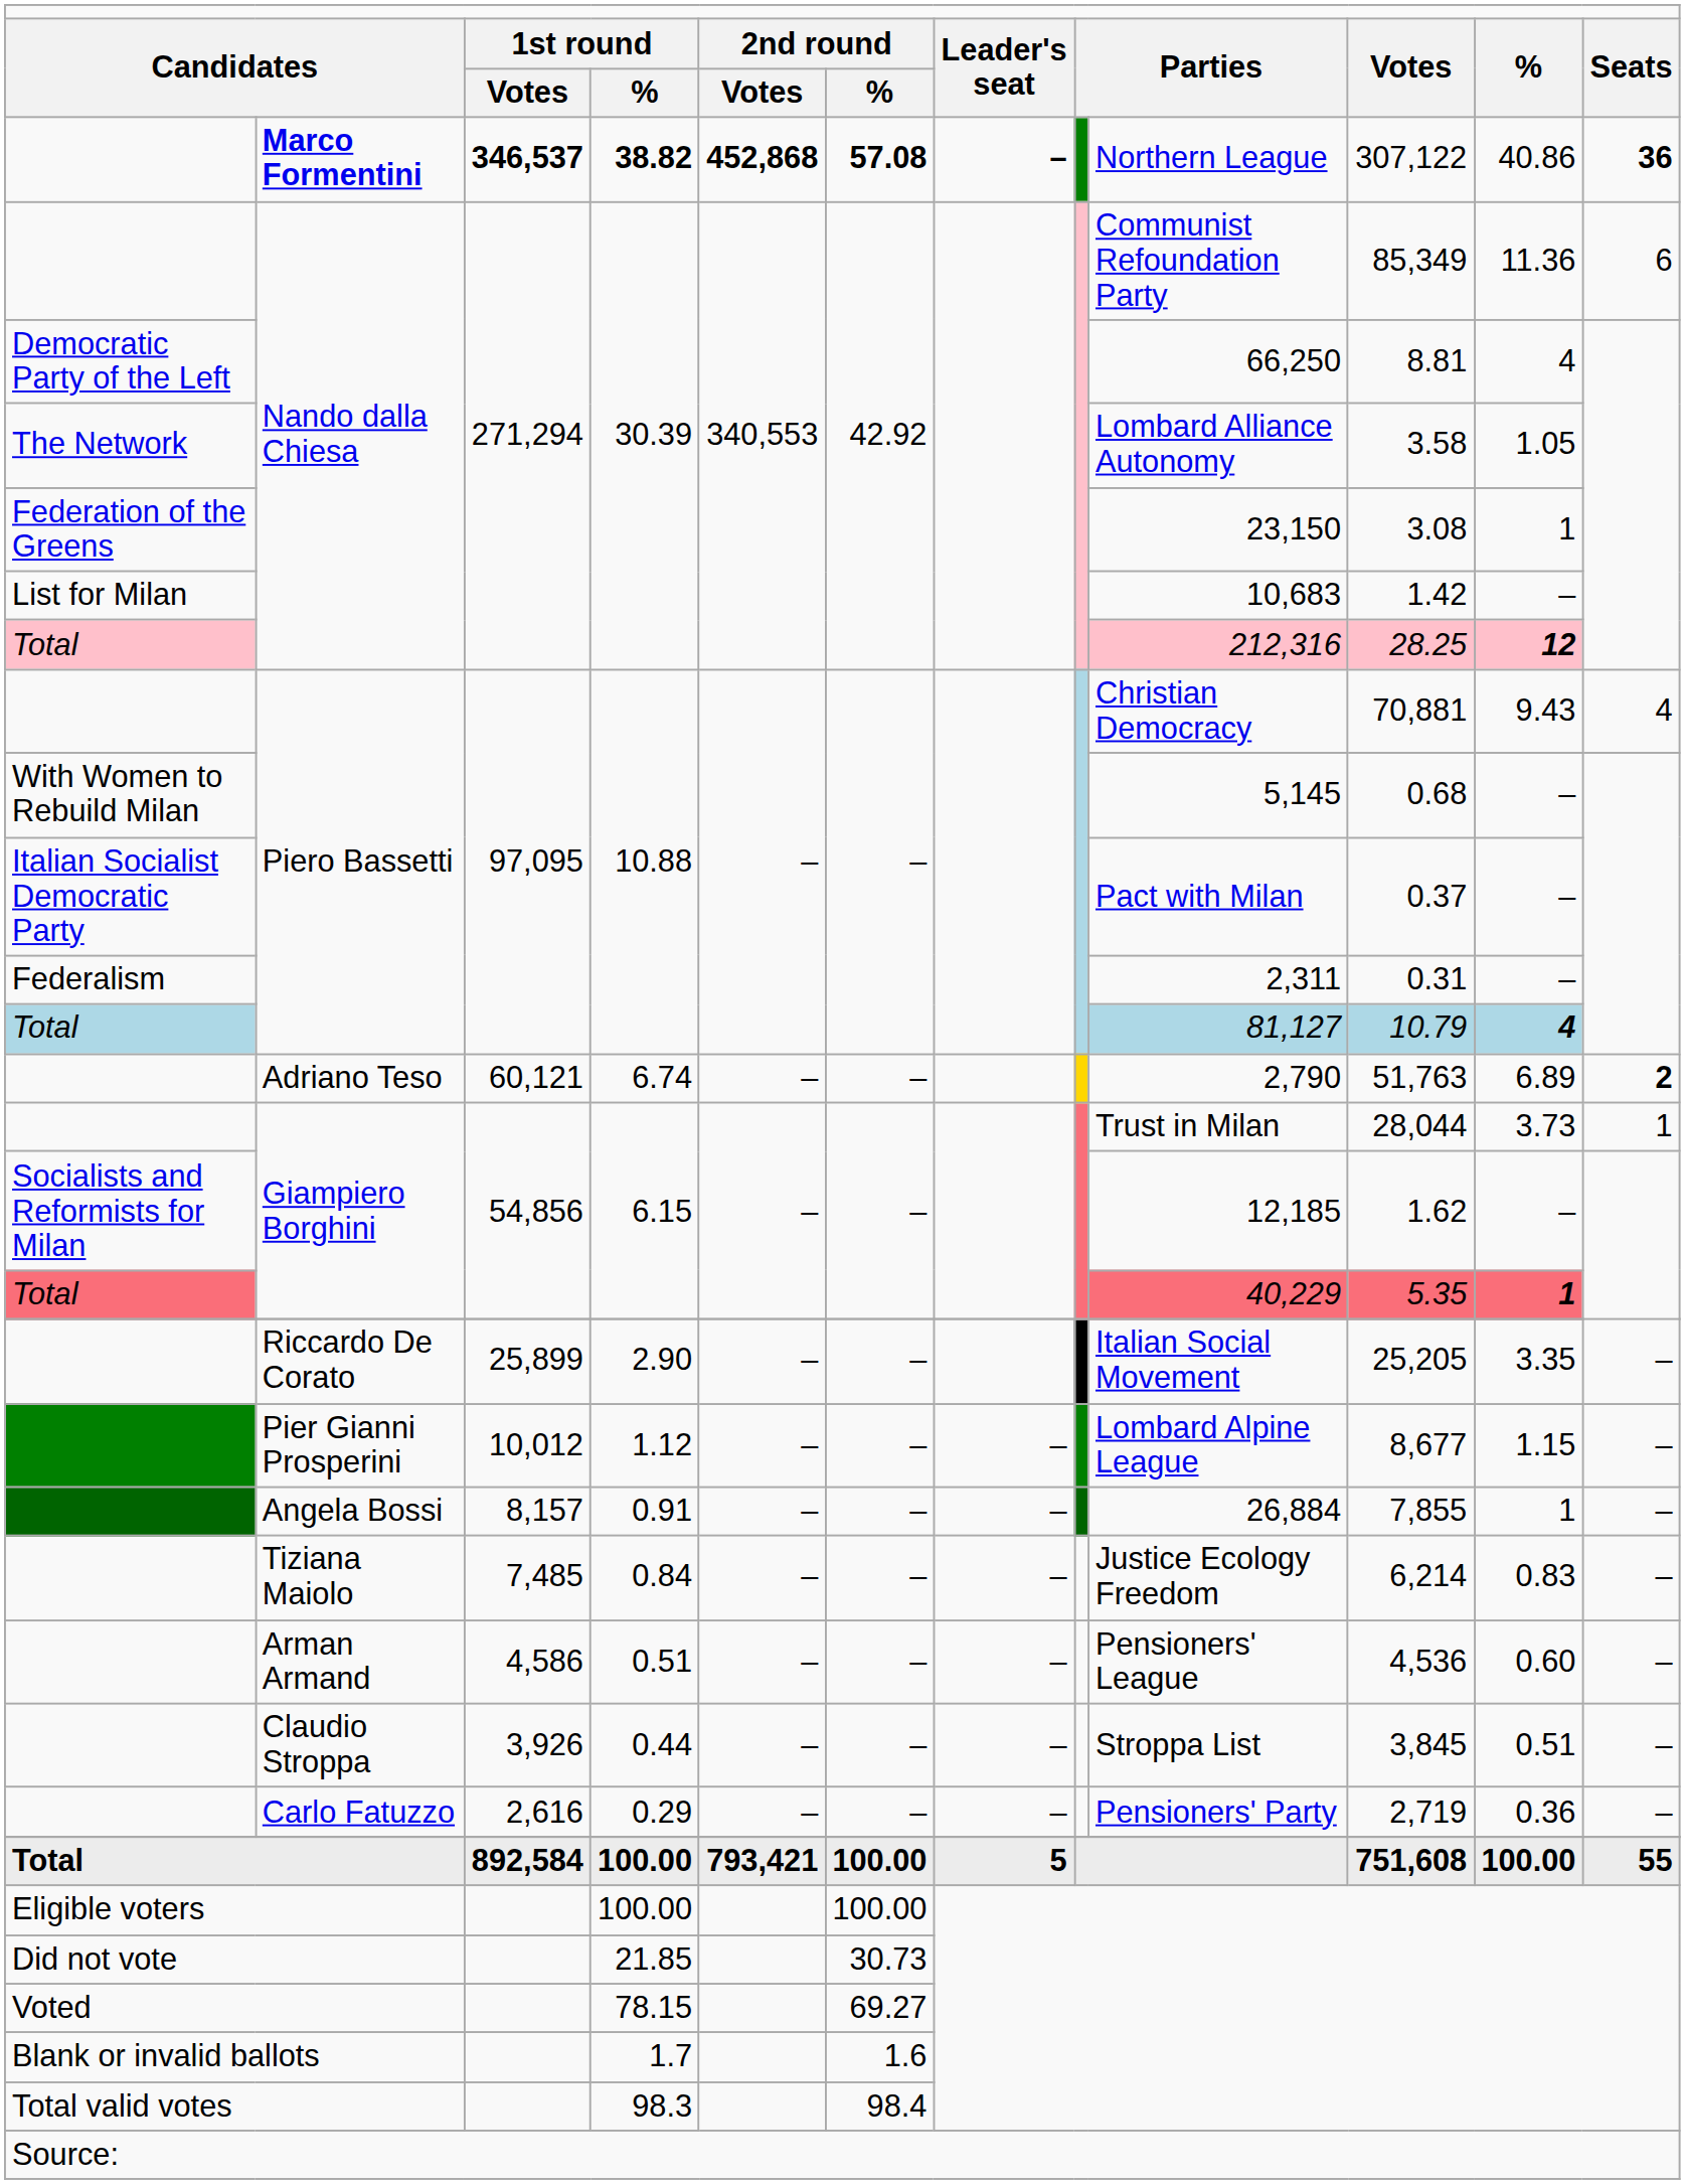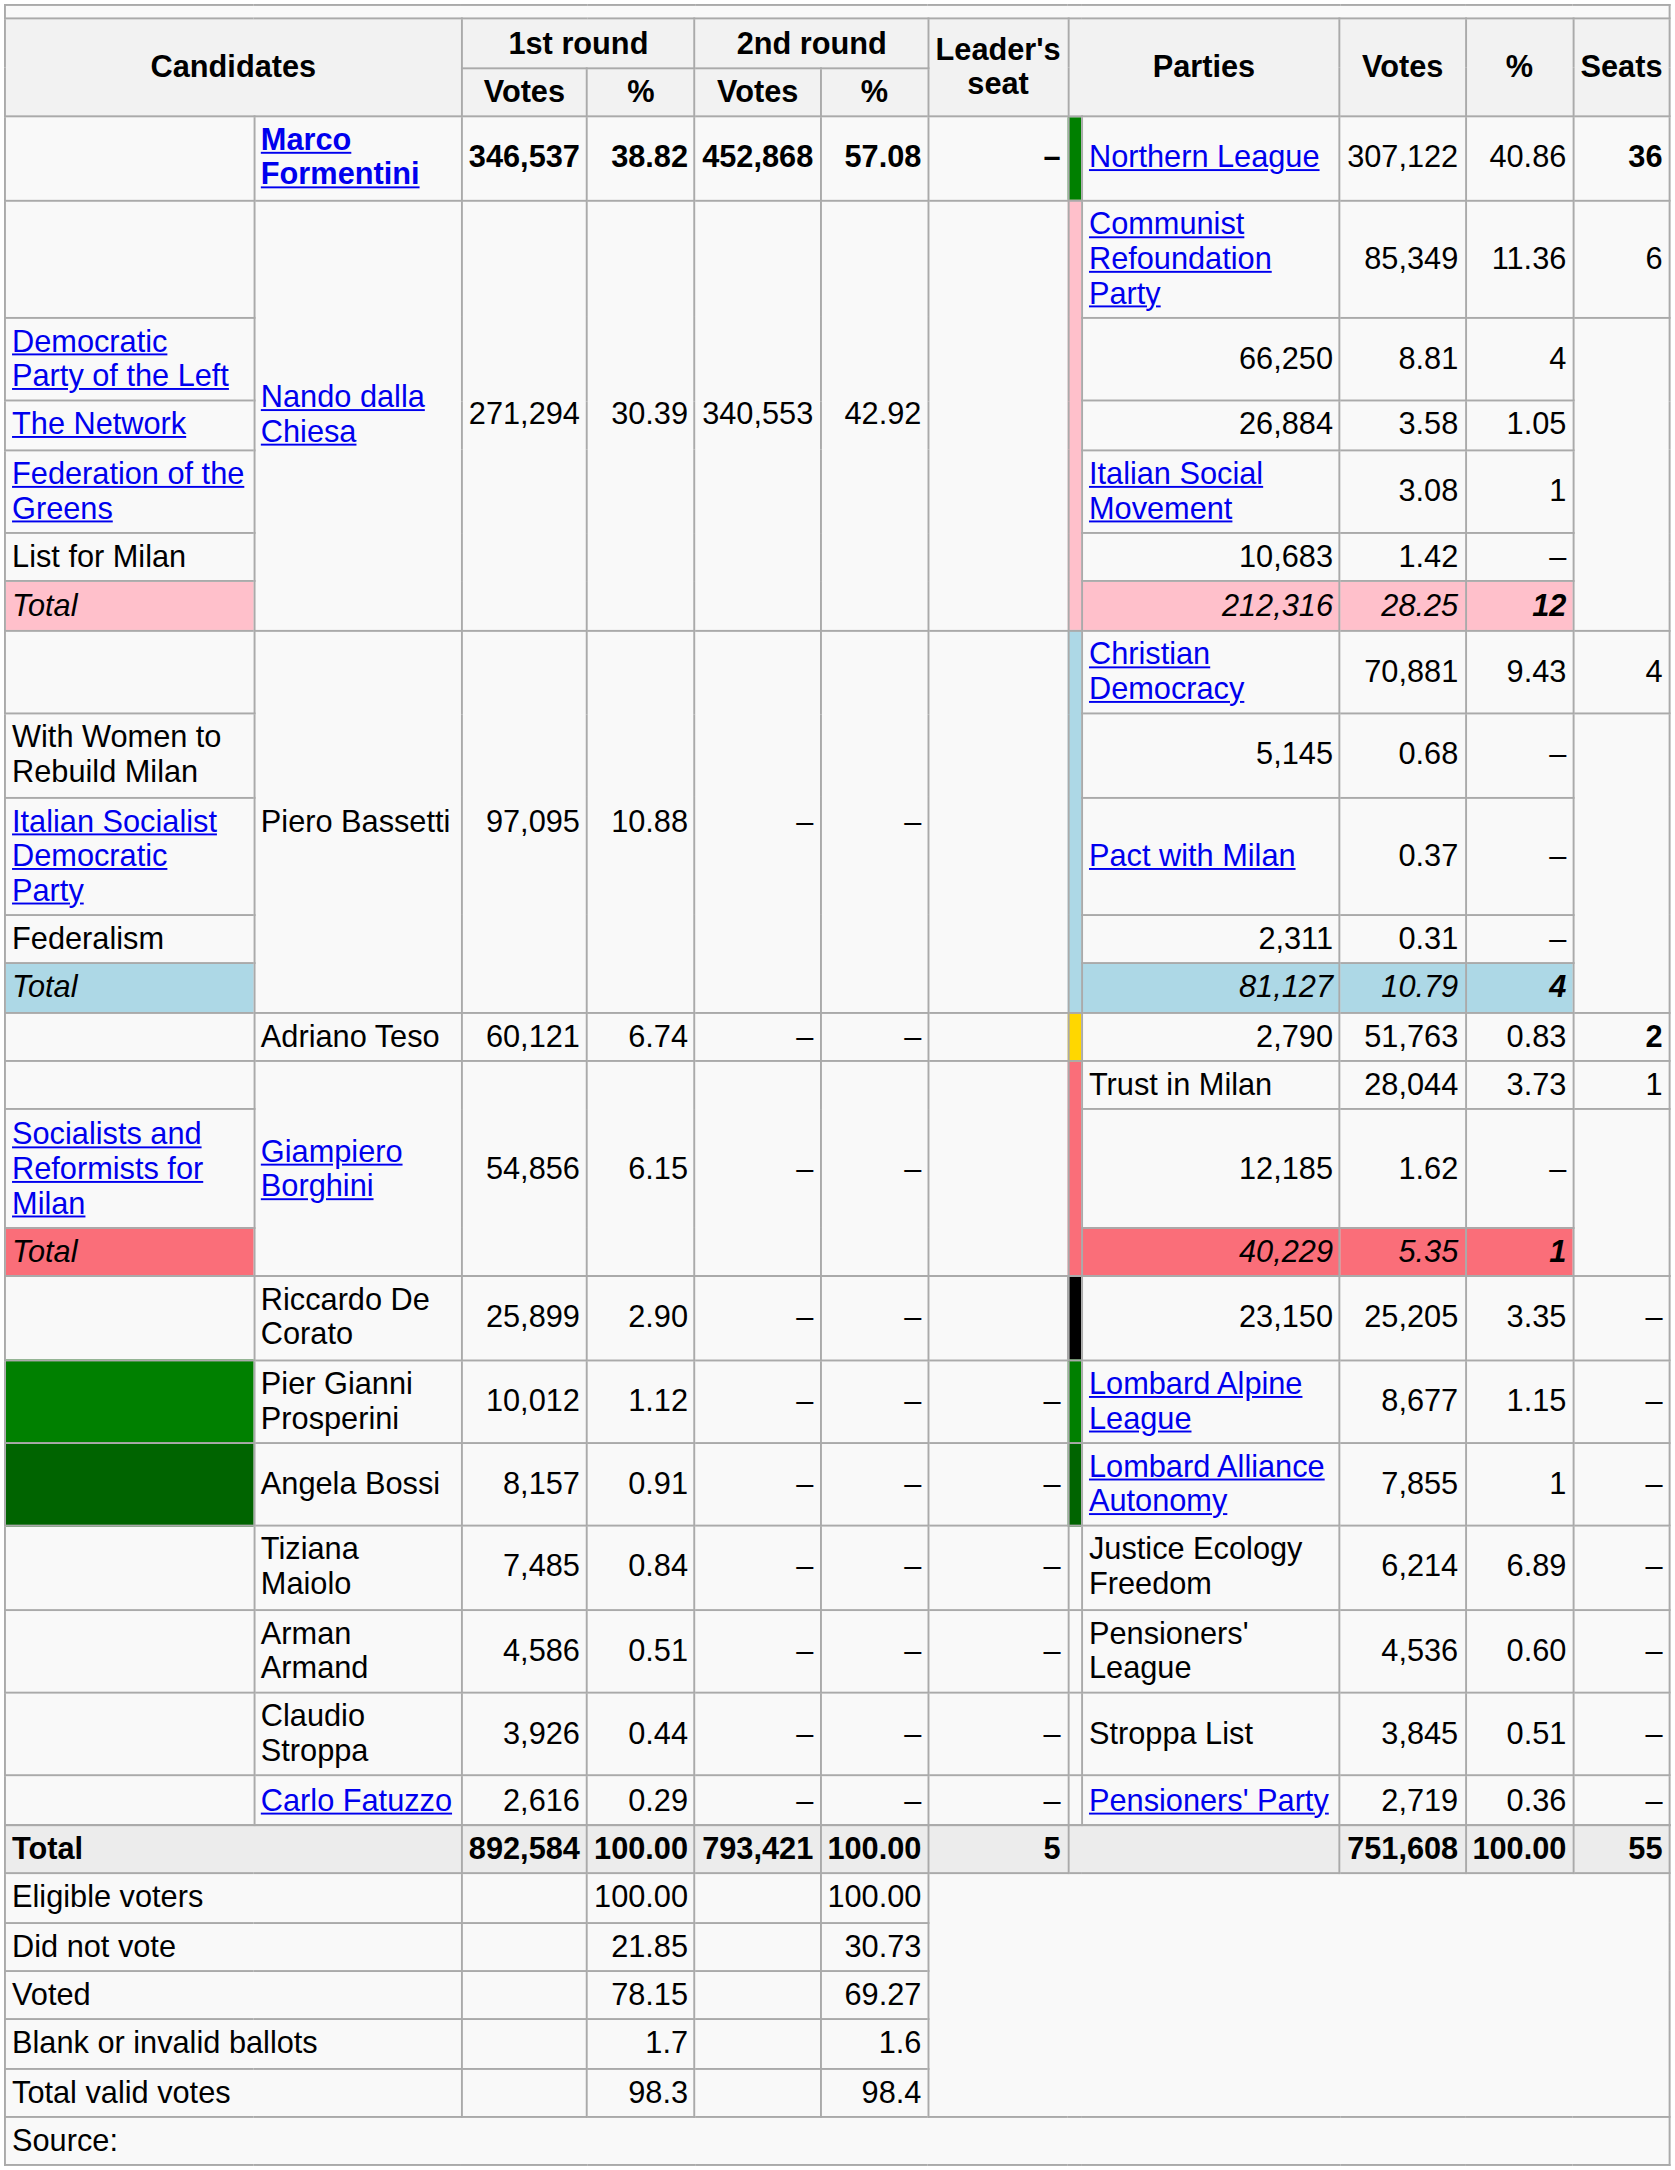 <table class="wikitable" style="text-align:left">
 <tr>
 <td colspan="12"></td>
 </tr>
 <tr>
 <th rowspan=2 colspan="2">Candidates</th>
 <th colspan=2>1st round</th>
 <th colspan=2>2nd round</th>
 <th rowspan=2>Leader's<br>seat</th>
 <th rowspan=2 colspan=2>Parties</th>
 <th rowspan=2>Votes</th>
 <th rowspan=2>%</th>
 <th rowspan=2>Seats</th>
 </tr>
 <tr>
 <th>Votes</th>
 <th>%</th>
 <th>Votes</th>
 <th>%</th>
 </tr>
 <tr>
 <td></td>
 <td><strong><a href='#'>Marco Formentini</a></strong></td>
 <td align=right><strong>346,537</strong></td>
 <td align=right><strong>38.82</strong></td>
 <td align=right><strong>452,868</strong></td>
 <td align=right><strong>57.08</strong></td>
 <td align=right><strong>–</strong></td>
 <td bgcolor="green"></td>
 <td><a href='#'>Northern League</a></td>
 <td align=right>307,122</td>
 <td align=right>40.86</td>
 <td align=right><strong>36</strong></td>
 </tr>
 <tr>
 <td></td>
 <td rowspan=6><a href='#'>Nando dalla Chiesa</a></td>
 <td rowspan=6 align=right>271,294</td>
 <td rowspan=6 align=right>30.39</td>
 <td rowspan=6 align=right>340,553</td>
 <td rowspan=6 align=right>42.92</td>
 <td rowspan=6 align=right></td>
 <td rowspan=6 bgcolor="pink"></td>
 <td><a href='#'>Communist Refoundation Party</a></td>
 <td align=right>85,349</td>
 <td align=right>11.36</td>
 <td align=right>6</td>
 </tr>
 <tr>
 <td><a href='#'>Democratic Party of the Left</a></td>
 <td align=right>66,250</td>
 <td align=right>8.81</td>
 <td align=right>4</td>
 </tr>
 <tr>
 <td><a href='#'>The Network</a></td>
-<td><a href='#'>Lombard Alliance Autonomy</a></td>
+<td align=right>26,884</td>
 <td align=right>3.58</td>
 <td align=right>1.05</td>
 </tr>
 <tr>
 <td><a href='#'>Federation of the Greens</a></td>
-<td align=right>23,150</td>
+<td><a href='#'>Italian Social Movement</a></td>
 <td align=right>3.08</td>
 <td align=right>1</td>
 </tr>
 <tr>
 <td>List for Milan</td>
 <td align=right>10,683</td>
 <td align=right>1.42</td>
 <td align=right>–</td>
 </tr>
 <tr>
 <td bgcolor="pink"><em>Total</em></td>
 <td bgcolor="pink" align=right><em>212,316</em></td>
 <td bgcolor="pink" align=right><em>28.25</em></td>
 <td bgcolor="pink" align=right><strong><em>12</em></strong></td>
 </tr>
 <tr>
 <td></td>
 <td rowspan=5>Piero Bassetti</td>
 <td rowspan=5 align=right>97,095</td>
 <td rowspan=5 align=right>10.88</td>
 <td rowspan=5 align=right>–</td>
 <td rowspan=5 align=right>–</td>
 <td rowspan=5 align=right></td>
 <td rowspan=5 bgcolor="lightblue"></td>
 <td><a href='#'>Christian Democracy</a></td>
 <td align=right>70,881</td>
 <td align=right>9.43</td>
 <td align=right>4</td>
 </tr>
 <tr>
 <td>With Women to Rebuild Milan</td>
 <td align=right>5,145</td>
 <td align=right>0.68</td>
 <td align=right>–</td>
 </tr>
 <tr>
 <td><a href='#'>Italian Socialist Democratic Party</a></td>
 <td><a href='#'>Pact with Milan</a></td>
 <td align=right>0.37</td>
 <td align=right>–</td>
 </tr>
 <tr>
 <td>Federalism</td>
 <td align=right>2,311</td>
 <td align=right>0.31</td>
 <td align=right>–</td>
 </tr>
 <tr>
 <td bgcolor="lightblue"><em>Total</em></td>
 <td bgcolor="lightblue" align=right><em>81,127</em></td>
 <td bgcolor="lightblue" align=right><em>10.79</em></td>
 <td bgcolor="lightblue" align=right><strong><em>4</em></strong></td>
 </tr>
 <tr>
 <td></td>
 <td>Adriano Teso</td>
 <td align=right>60,121</td>
 <td align=right>6.74</td>
 <td align=right>–</td>
 <td align=right>–</td>
 <td align=right></td>
 <td bgcolor="gold"></td>
 <td align=right>2,790</td>
 <td align=right>51,763</td>
-<td align=right>6.89</td>
+<td align=right>0.83</td>
 <td align=right><strong>2</strong></td>
 </tr>
 <tr>
 <td></td>
 <td rowspan=3><a href='#'>Giampiero Borghini</a></td>
 <td rowspan=3 align=right>54,856</td>
 <td rowspan=3 align=right>6.15</td>
 <td rowspan=3 align=right>–</td>
 <td rowspan=3 align=right>–</td>
 <td rowspan=3 align=right></td>
 <td rowspan=3 bgcolor=#FA6E79></td>
 <td>Trust in Milan</td>
 <td align=right>28,044</td>
 <td align=right>3.73</td>
 <td align=right>1</td>
 </tr>
 <tr>
 <td><a href='#'>Socialists and Reformists for Milan</a></td>
 <td align=right>12,185</td>
 <td align=right>1.62</td>
 <td align=right>–</td>
 </tr>
 <tr>
 <td bgcolor="#FA6E79"><em>Total</em></td>
 <td bgcolor="#FA6E79" align=right><em>40,229</em></td>
 <td bgcolor="#FA6E79" align=right><em>5.35</em></td>
 <td bgcolor="#FA6E79" align=right><strong><em>1</em></strong></td>
 </tr>
 <tr>
 </tr>
 <tr>
 <td></td>
 <td>Riccardo De Corato</td>
 <td align=right>25,899</td>
 <td align=right>2.90</td>
 <td align=right>–</td>
 <td align=right>–</td>
 <td align=right></td>
 <td bgcolor=black></td>
-<td><a href='#'>Italian Social Movement</a></td>
+<td align=right>23,150</td>
 <td align=right>25,205</td>
 <td align=right>3.35</td>
 <td align=right>–</td>
 </tr>
 <tr>
 <td bgcolor="green"></td>
 <td>Pier Gianni Prosperini</td>
 <td align=right>10,012</td>
 <td align=right>1.12</td>
 <td align=right>–</td>
 <td align=right>–</td>
 <td align=right>–</td>
 <td bgcolor="green"></td>
 <td><a href='#'>Lombard Alpine League</a></td>
 <td align=right>8,677</td>
 <td align=right>1.15</td>
 <td align=right>–</td>
 </tr>
 <tr>
 <td bgcolor="darkgreen"></td>
 <td>Angela Bossi</td>
 <td align=right>8,157</td>
 <td align=right>0.91</td>
 <td align=right>–</td>
 <td align=right>–</td>
 <td align=right>–</td>
 <td bgcolor="darkgreen"></td>
-<td align=right>26,884</td>
+<td><a href='#'>Lombard Alliance Autonomy</a></td>
 <td align=right>7,855</td>
 <td align=right>1</td>
 <td align=right>–</td>
 </tr>
 <tr>
 <td></td>
 <td>Tiziana Maiolo</td>
 <td align=right>7,485</td>
 <td align=right>0.84</td>
 <td align=right>–</td>
 <td align=right>–</td>
 <td align=right>–</td>
 <td></td>
 <td>Justice Ecology Freedom</td>
 <td align=right>6,214</td>
-<td align=right>0.83</td>
+<td align=right>6.89</td>
 <td align=right>–</td>
 </tr>
 <tr>
 <td></td>
 <td>Arman Armand</td>
 <td align=right>4,586</td>
 <td align=right>0.51</td>
 <td align=right>–</td>
 <td align=right>–</td>
 <td align=right>–</td>
 <td></td>
 <td>Pensioners' League</td>
 <td align=right>4,536</td>
 <td align=right>0.60</td>
 <td align=right>–</td>
 </tr>
 <tr>
 <td></td>
 <td>Claudio Stroppa</td>
 <td align=right>3,926</td>
 <td align=right>0.44</td>
 <td align=right>–</td>
 <td align=right>–</td>
 <td align=right>–</td>
 <td></td>
 <td>Stroppa List</td>
 <td align=right>3,845</td>
 <td align=right>0.51</td>
 <td align=right>–</td>
 </tr>
 <tr>
 <td></td>
 <td><a href='#'>Carlo Fatuzzo</a></td>
 <td align=right>2,616</td>
 <td align=right>0.29</td>
 <td align=right>–</td>
 <td align=right>–</td>
 <td align=right>–</td>
 <td></td>
 <td><a href='#'>Pensioners' Party</a></td>
 <td align=right>2,719</td>
 <td align=right>0.36</td>
 <td align=right>–</td>
 </tr>
 <tr>
 </tr>
 <tr bgcolor=ececec>
 <td colspan="2"><strong>Total</strong></td>
 <td align=right><strong>892,584</strong></td>
 <td align=right><strong>100.00</strong></td>
 <td align=right><strong>793,421</strong></td>
 <td align=right><strong>100.00</strong></td>
 <td align=right><strong>5</strong></td>
 <td align=right colspan=2></td>
 <td align=right><strong>751,608</strong></td>
 <td align=right><strong>100.00</strong></td>
 <td align=right><strong>55</strong></td>
 </tr>
 <tr>
 <td colspan=2>Eligible voters</td>
 <td style="text-align: right"></td>
 <td style="text-align: right">100.00</td>
 <td style="text-align: right"></td>
 <td style="text-align: right">100.00</td>
 <td rowspan=5 colspan=6></td>
 </tr>
 <tr>
 <td colspan=2>Did not vote</td>
 <td style="text-align: right"></td>
 <td style="text-align: right">21.85</td>
 <td style="text-align: right"></td>
 <td style="text-align: right">30.73</td>
 </tr>
 <tr>
 <td colspan=2>Voted</td>
 <td style="text-align: right"></td>
 <td style="text-align: right">78.15</td>
 <td style="text-align: right"></td>
 <td style="text-align: right">69.27</td>
 </tr>
 <tr>
 <td colspan=2>Blank or invalid ballots</td>
 <td style="text-align: right"></td>
 <td style="text-align: right">1.7</td>
 <td style="text-align: right"></td>
 <td style="text-align: right">1.6</td>
 </tr>
 <tr>
 <td colspan=2>Total valid votes</td>
 <td style="text-align: right"></td>
 <td style="text-align: right">98.3</td>
 <td style="text-align: right"></td>
 <td style="text-align: right">98.4</td>
 </tr>
 <tr>
 <td style="text-align:left;" colspan="12">Source: </td>
 </tr>
 </table>
